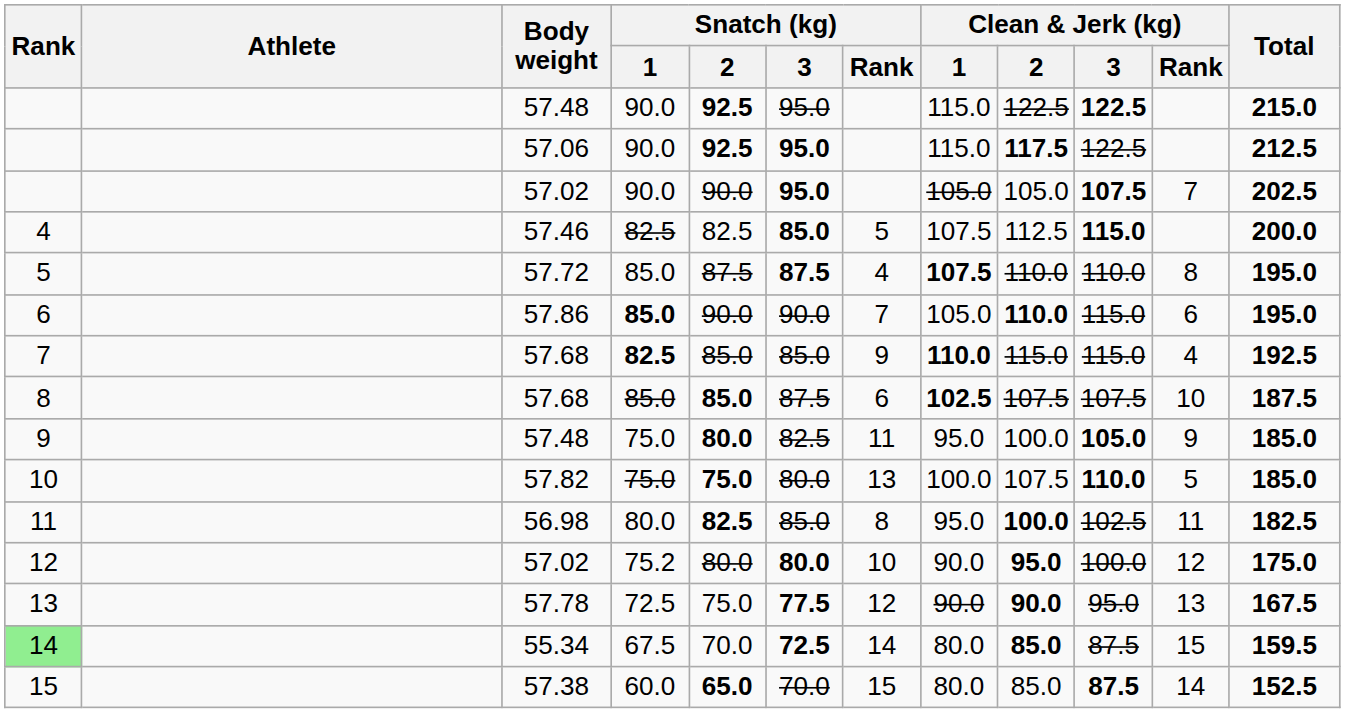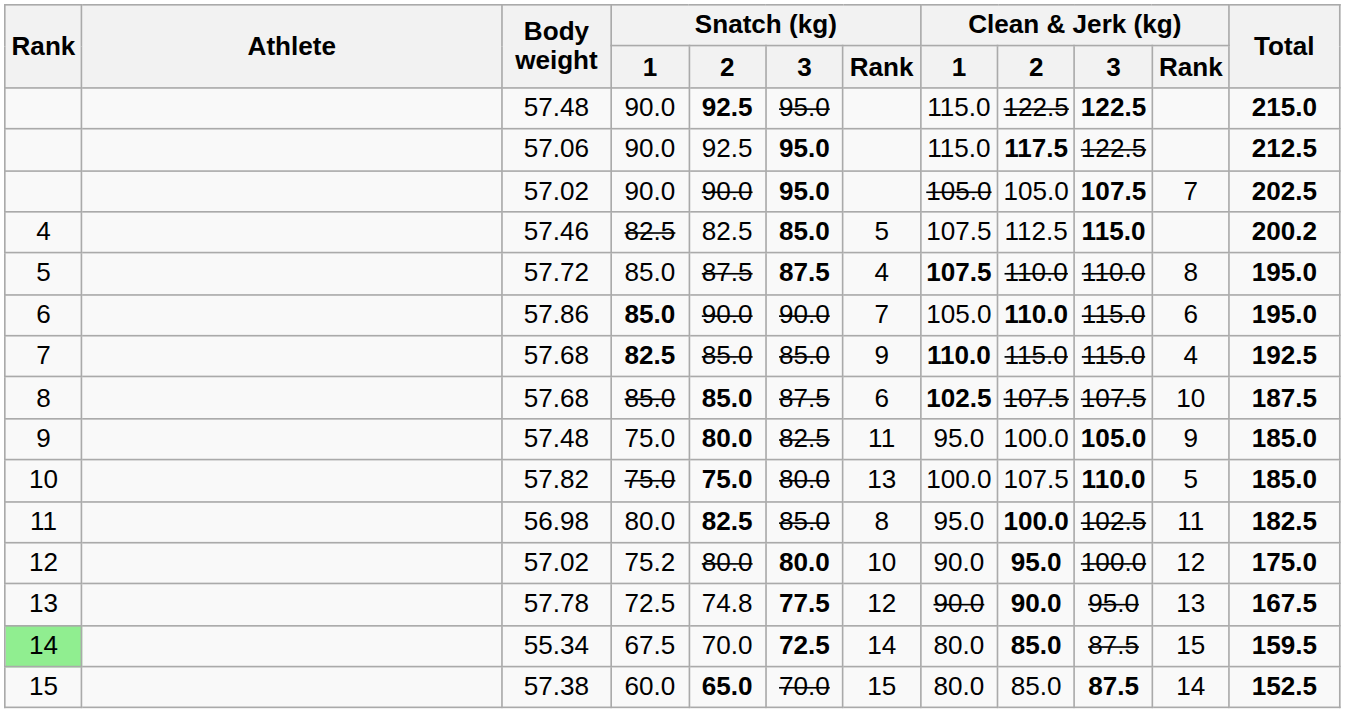 <table class = "wikitable" style="text-align:center;">
 <tr>
 <th rowspan=2 width=40>Rank</th>
 <th rowspan=2 width=250>Athlete</th>
 <th rowspan=2 width=60>Body weight</th>
 <th colspan=4>Snatch (kg)</th>
 <th colspan=4>Clean & Jerk (kg)</th>
 <th rowspan=2 width=60>Total</th>
 </tr>
 <tr>
 <th width=40>1</th>
 <th width=40>2</th>
 <th width=40>3</th>
 <th width=40>Rank</th>
 <th width=40>1</th>
 <th width=40>2</th>
 <th width=40>3</th>
 <th width=40>Rank</th>
 </tr>
 <tr>
 <td></td>
 <td align=left></td>
 <td>57.48</td>
 <td>90.0</td>
 <td><strong>92.5</strong></td>
 <td><s>95.0 </s></td>
 <td></td>
 <td>115.0</td>
 <td><s>122.5 </s></td>
 <td><strong>122.5</strong></td>
 <td></td>
 <td><strong>215.0</strong></td>
 </tr>
 <tr>
 <td></td>
 <td align=left></td>
 <td>57.06</td>
 <td>90.0</td>
-<td><strong>92.5</strong></td>
+<td>92.5</td>
 <td><strong>95.0</strong></td>
 <td></td>
 <td>115.0</td>
 <td><strong>117.5</strong></td>
 <td><s>122.5 </s></td>
 <td></td>
 <td><strong>212.5</strong></td>
 </tr>
 <tr>
 <td></td>
 <td align=left></td>
 <td>57.02</td>
 <td>90.0</td>
 <td><s>90.0 </s></td>
 <td><strong>95.0</strong></td>
 <td></td>
 <td><s>105.0 </s></td>
 <td>105.0</td>
 <td><strong>107.5</strong></td>
 <td>7</td>
 <td><strong>202.5</strong></td>
 </tr>
 <tr>
 <td>4</td>
 <td align=left></td>
 <td>57.46</td>
 <td><s>82.5 </s></td>
 <td>82.5</td>
 <td><strong>85.0</strong></td>
 <td>5</td>
 <td>107.5</td>
 <td>112.5</td>
 <td><strong>115.0</strong></td>
 <td></td>
-<td><strong>200.0</strong></td>
+<td><strong>200.2</strong></td>
 </tr>
 <tr>
 <td>5</td>
 <td align=left></td>
 <td>57.72</td>
 <td>85.0</td>
 <td><s>87.5 </s></td>
 <td><strong>87.5</strong></td>
 <td>4</td>
 <td><strong>107.5</strong></td>
 <td><s>110.0 </s></td>
 <td><s>110.0 </s></td>
 <td>8</td>
 <td><strong>195.0</strong></td>
 </tr>
 <tr>
 <td>6</td>
 <td align=left></td>
 <td>57.86</td>
 <td><strong>85.0</strong></td>
 <td><s>90.0 </s></td>
 <td><s>90.0 </s></td>
 <td>7</td>
 <td>105.0</td>
 <td><strong>110.0</strong></td>
 <td><s>115.0 </s></td>
 <td>6</td>
 <td><strong>195.0</strong></td>
 </tr>
 <tr>
 <td>7</td>
 <td align=left></td>
 <td>57.68</td>
 <td><strong>82.5</strong></td>
 <td><s>85.0 </s></td>
 <td><s>85.0 </s></td>
 <td>9</td>
 <td><strong>110.0</strong></td>
 <td><s>115.0 </s></td>
 <td><s>115.0 </s></td>
 <td>4</td>
 <td><strong>192.5</strong></td>
 </tr>
 <tr>
 <td>8</td>
 <td align=left></td>
 <td>57.68</td>
 <td><s>85.0 </s></td>
 <td><strong>85.0</strong></td>
 <td><s>87.5 </s></td>
 <td>6</td>
 <td><strong>102.5</strong></td>
 <td><s>107.5 </s></td>
 <td><s>107.5 </s></td>
 <td>10</td>
 <td><strong>187.5</strong></td>
 </tr>
 <tr>
 <td>9</td>
 <td align=left></td>
 <td>57.48</td>
 <td>75.0</td>
 <td><strong>80.0</strong></td>
 <td><s>82.5 </s></td>
 <td>11</td>
 <td>95.0</td>
 <td>100.0</td>
 <td><strong>105.0</strong></td>
 <td>9</td>
 <td><strong>185.0</strong></td>
 </tr>
 <tr>
 <td>10</td>
 <td align=left></td>
 <td>57.82</td>
 <td><s>75.0 </s></td>
 <td><strong>75.0</strong></td>
 <td><s>80.0 </s></td>
 <td>13</td>
 <td>100.0</td>
 <td>107.5</td>
 <td><strong>110.0</strong></td>
 <td>5</td>
 <td><strong>185.0</strong></td>
 </tr>
 <tr>
 <td>11</td>
 <td align=left></td>
 <td>56.98</td>
 <td>80.0</td>
 <td><strong>82.5</strong></td>
 <td><s>85.0 </s></td>
 <td>8</td>
 <td>95.0</td>
 <td><strong>100.0</strong></td>
 <td><s>102.5 </s></td>
 <td>11</td>
 <td><strong>182.5</strong></td>
 </tr>
 <tr>
 <td>12</td>
 <td align=left></td>
 <td>57.02</td>
 <td>75.2</td>
 <td><s>80.0 </s></td>
 <td><strong>80.0</strong></td>
 <td>10</td>
 <td>90.0</td>
 <td><strong>95.0</strong></td>
 <td><s>100.0 </s></td>
 <td>12</td>
 <td><strong>175.0</strong></td>
 </tr>
 <tr>
 <td>13</td>
 <td align=left></td>
 <td>57.78</td>
 <td>72.5</td>
-<td>75.0</td>
+<td>74.8</td>
 <td><strong>77.5</strong></td>
 <td>12</td>
 <td><s>90.0 </s></td>
 <td><strong>90.0</strong></td>
 <td><s>95.0 </s></td>
 <td>13</td>
 <td><strong>167.5</strong></td>
 </tr>
 <tr>
 <td style="background: lightgreen;">14</td>
 <td align=left></td>
 <td>55.34</td>
 <td>67.5</td>
 <td>70.0</td>
 <td><strong>72.5</strong></td>
 <td>14</td>
 <td>80.0</td>
 <td><strong>85.0</strong></td>
 <td><s>87.5 </s></td>
 <td>15</td>
 <td><strong>159.5</strong></td>
 </tr>
 <tr>
 <td>15</td>
 <td align=left></td>
 <td>57.38</td>
 <td>60.0</td>
 <td><strong>65.0</strong></td>
 <td><s>70.0 </s></td>
 <td>15</td>
 <td>80.0</td>
 <td>85.0</td>
 <td><strong>87.5</strong></td>
 <td>14</td>
 <td><strong>152.5</strong></td>
 </tr>
 </table>
